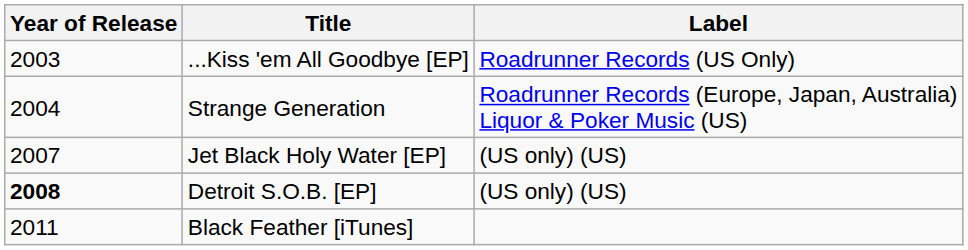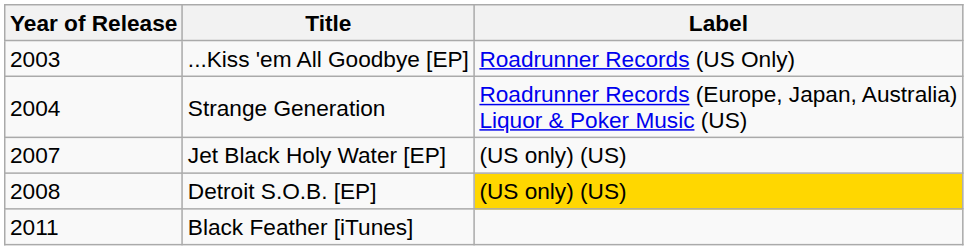 <table class="wikitable" style="font-size: 95%;">
 <tr>
 <th>Year of Release</th>
 <th>Title</th>
 <th>Label</th>
 </tr>
 <tr>
 <td>2003</td>
 <td>...Kiss 'em All Goodbye [EP]</td>
 <td><a href='#'>Roadrunner Records</a> (US Only)</td>
 </tr>
 <tr>
 <td>2004</td>
 <td>Strange Generation</td>
 <td><a href='#'>Roadrunner Records</a> (Europe, Japan, Australia)<br><a href='#'>Liquor & Poker Music</a> (US)</td>
 </tr>
 <tr>
 <td>2007</td>
 <td>Jet Black Holy Water [EP]</td>
 <td>(US only) (US)</td>
 </tr>
 <tr>
-<td><strong>2008</strong></td>
+<td>2008</td>
 <td>Detroit S.O.B. [EP]</td>
-<td>(US only) (US)</td>
+<td style="background: gold;">(US only) (US)</td>
 </tr>
 <tr>
 <td>2011</td>
 <td>Black Feather [iTunes]</td>
 </tr>
 </table>
